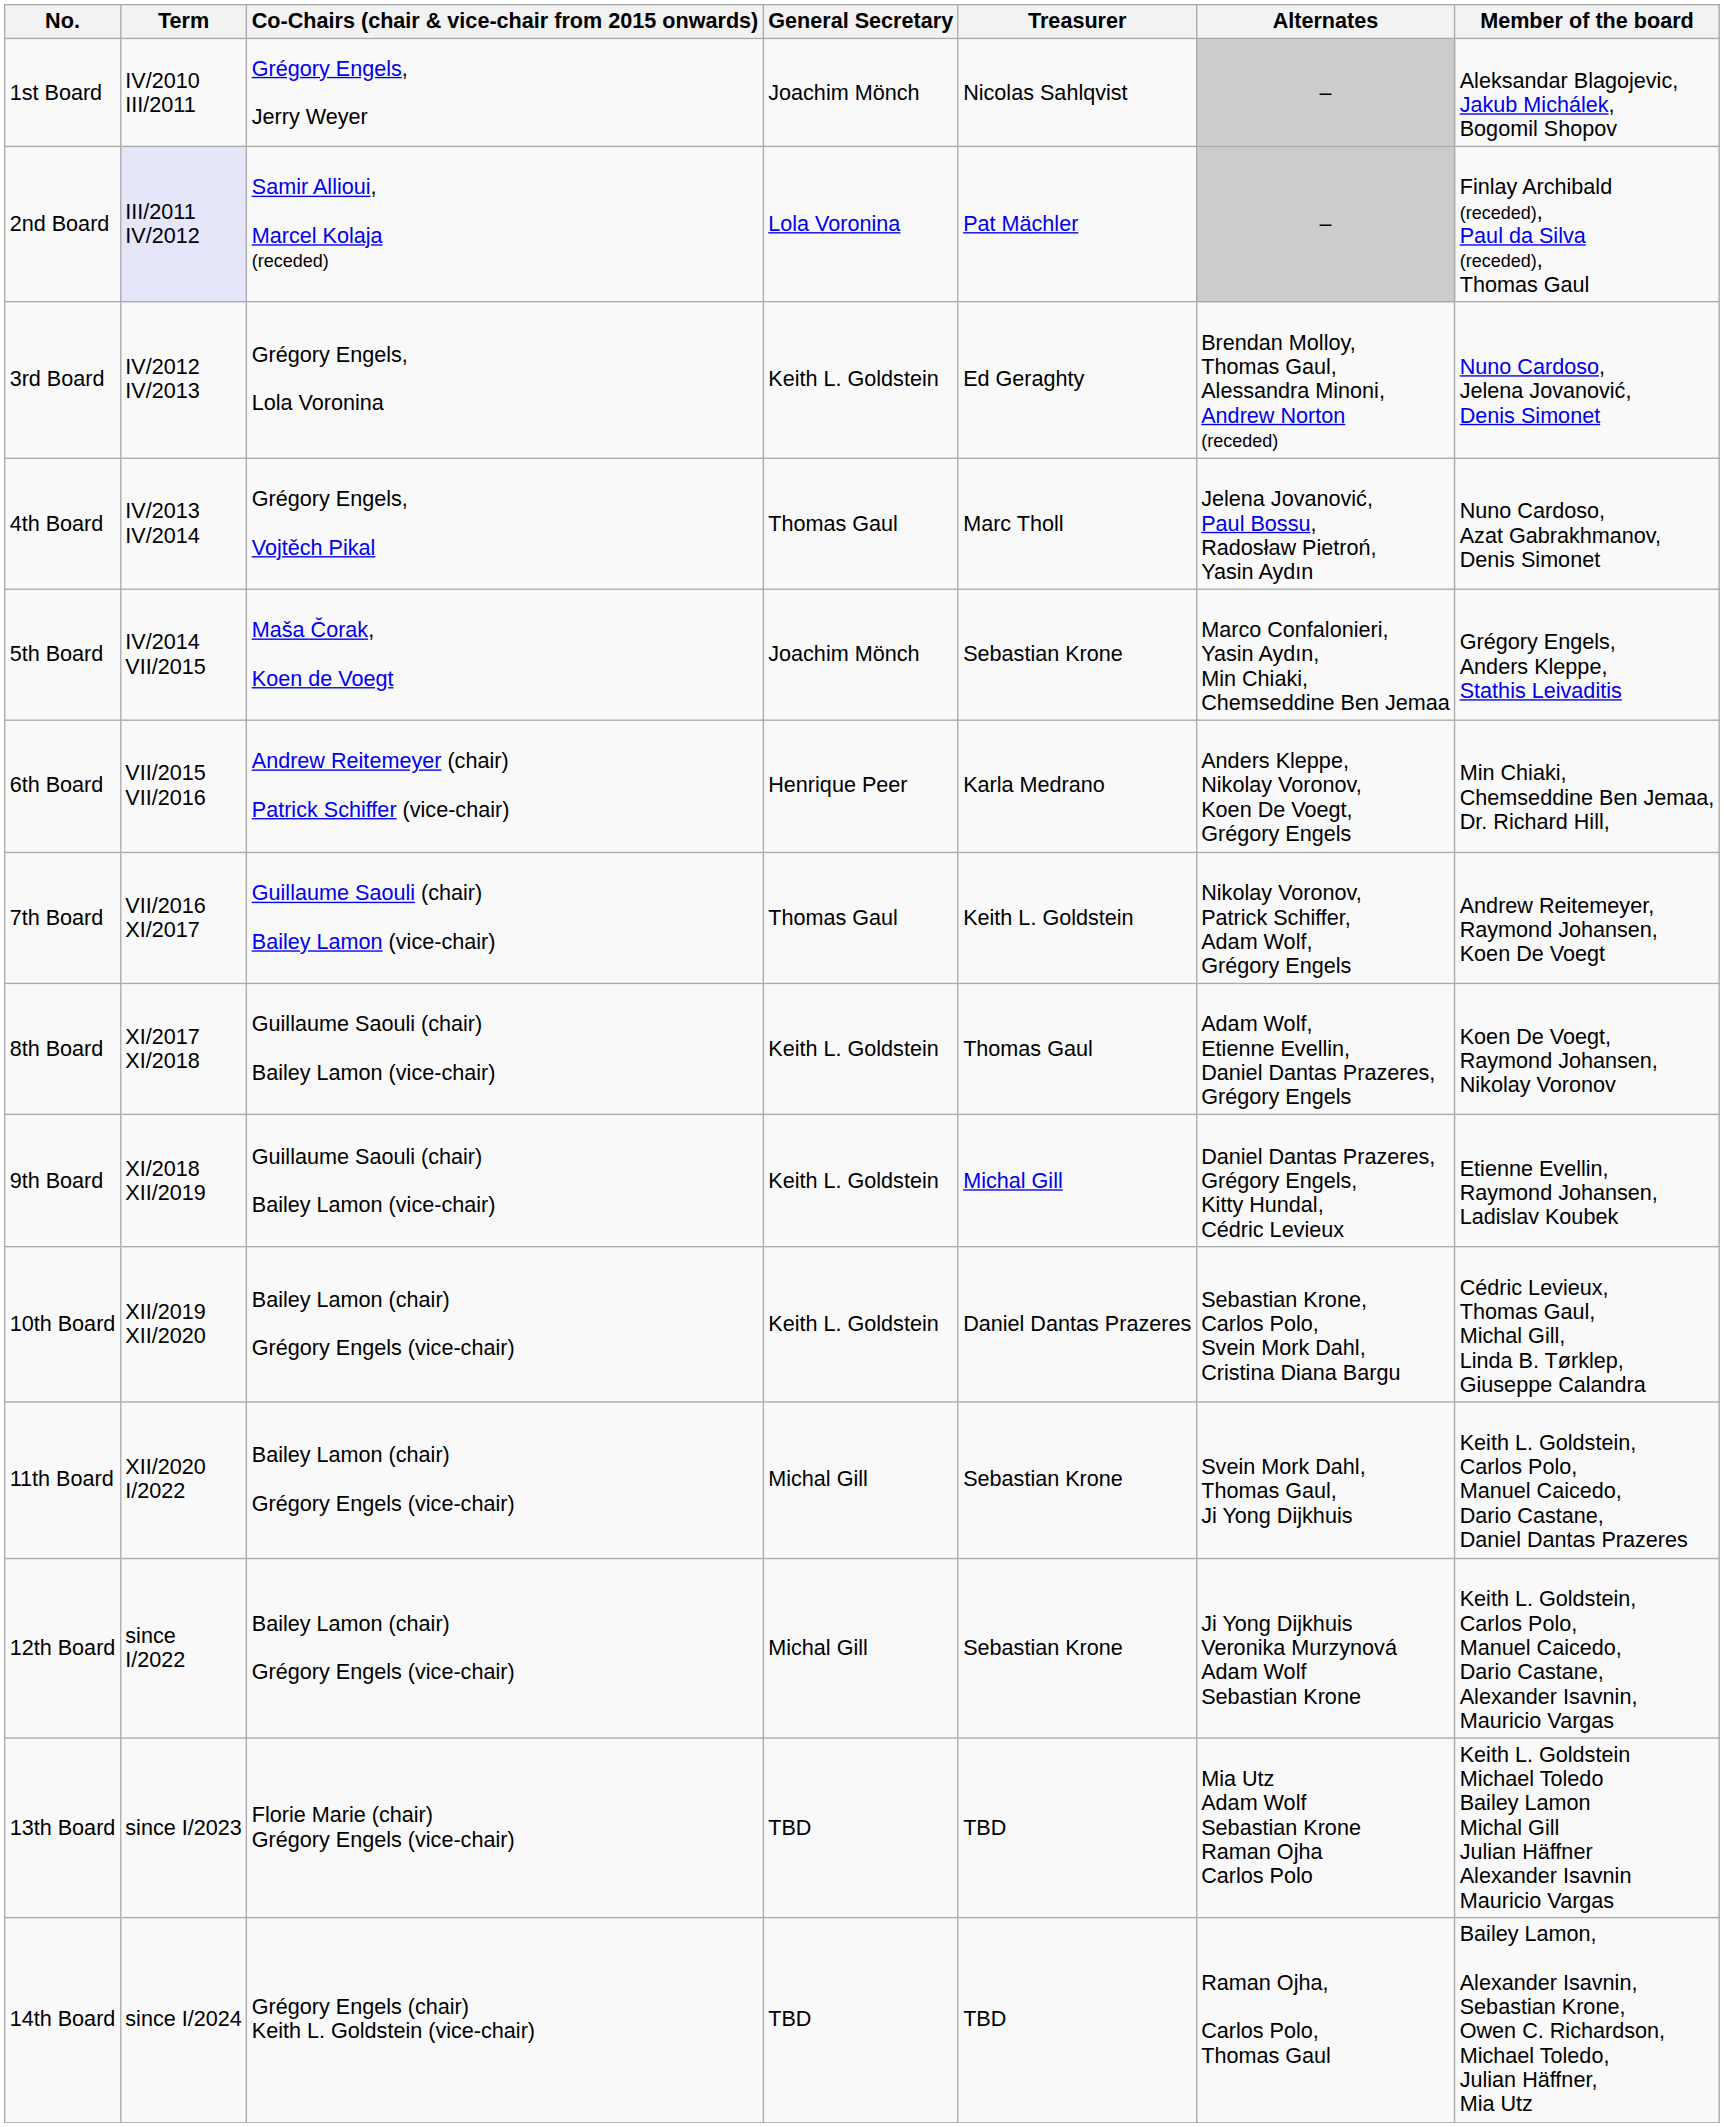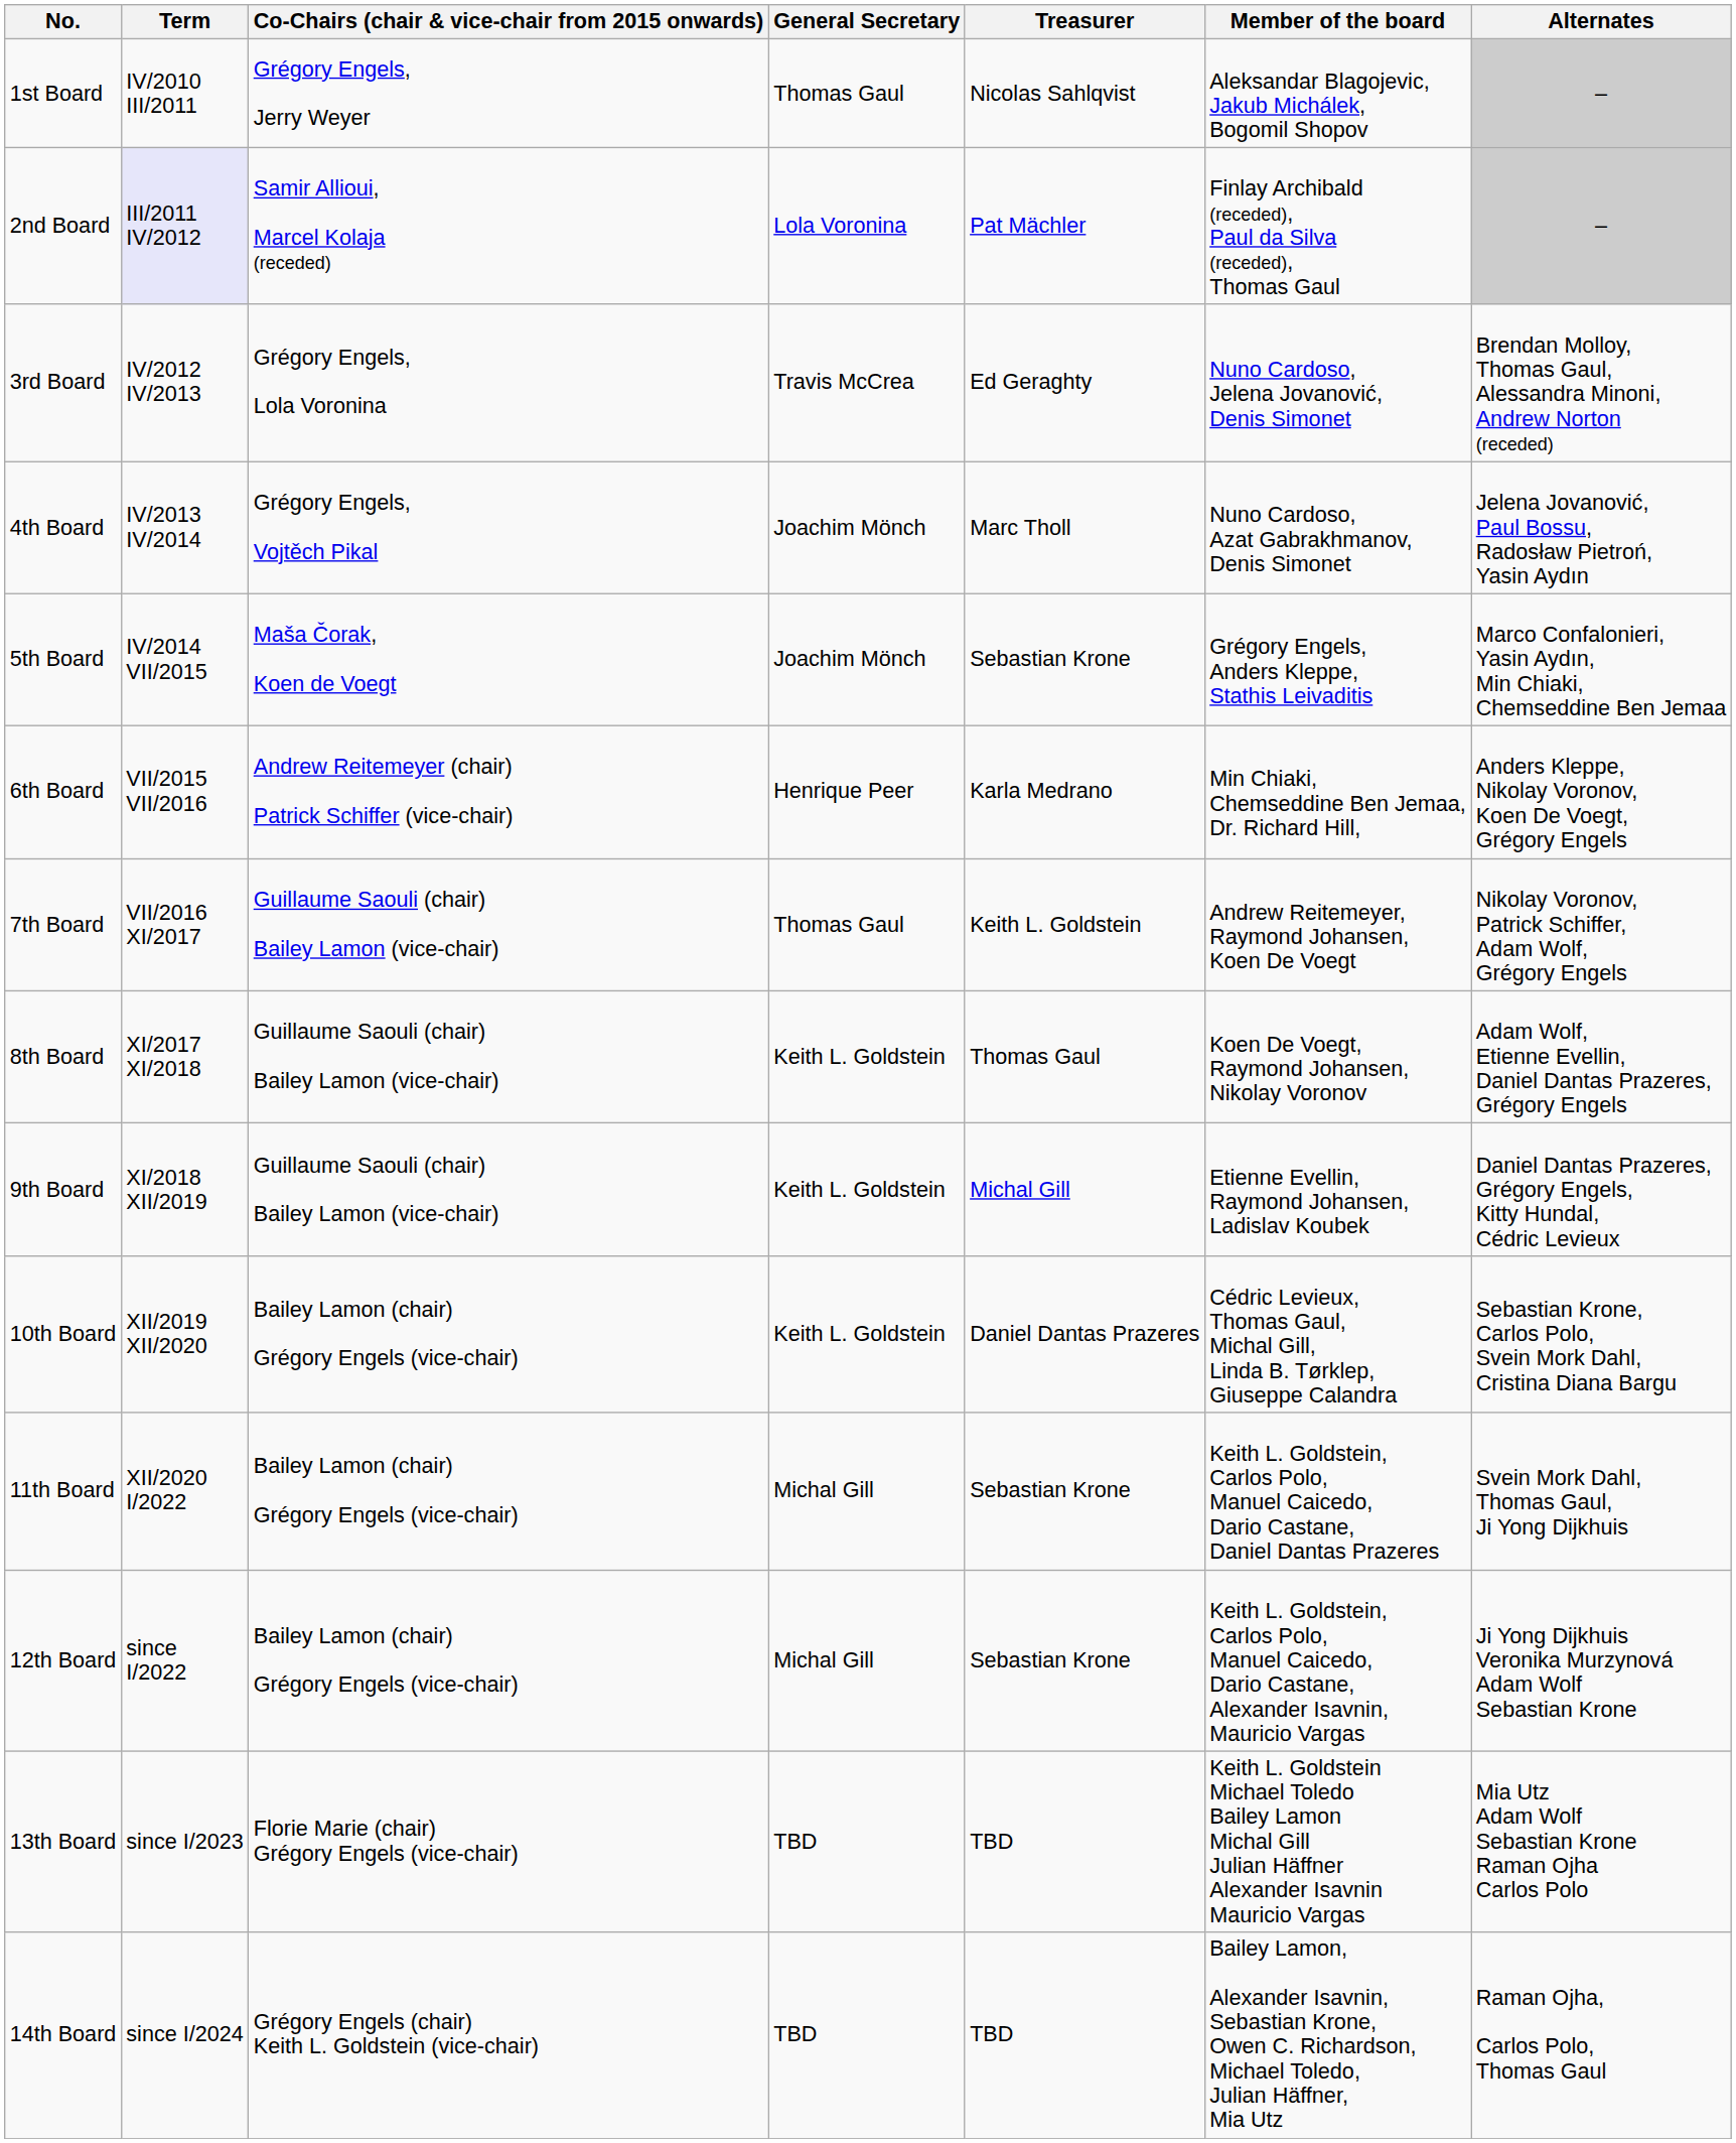 <table class="wikitable">
 <tr>
 <th>No.</th>
 <th>Term</th>
 <th>Co-Chairs (chair & vice-chair from 2015 onwards)</th>
 <th>General Secretary</th>
 <th>Treasurer</th>
+<th>Member of the board</th>
 <th>Alternates</th>
-<th>Member of the board</th>
 </tr>
 <tr>
 <td>1st Board</td>
 <td>IV/2010<br>III/2011</td>
 <td> <a href='#'>Grégory Engels</a>,<br><br> Jerry Weyer</td>
-<td> Joachim Mönch</td>
+<td> Thomas Gaul</td>
 <td> Nicolas Sahlqvist</td>
+<td><br> Aleksandar Blagojevic,<br>  <a href='#'>Jakub Michálek</a>,<br>  Bogomil Shopov</td>
 <td align=center bgcolor=#ccc>–</td>
-<td><br> Aleksandar Blagojevic,<br>  <a href='#'>Jakub Michálek</a>,<br>  Bogomil Shopov</td>
 </tr>
 <tr>
 <td>2nd Board</td>
 <td style="background: lavender;">III/2011<br>IV/2012</td>
 <td> <a href='#'>Samir Allioui</a>,<br><br> <a href='#'>Marcel Kolaja</a><br><small>(receded)</small></td>
 <td> <a href='#'>Lola Voronina</a></td>
 <td> <a href='#'>Pat Mächler</a></td>
+<td><br> Finlay Archibald<br><small>(receded)</small>,<br>  <a href='#'>Paul da Silva</a><br><small>(receded)</small>,<br>  Thomas Gaul</td>
 <td align=center bgcolor=#ccc>–</td>
-<td><br> Finlay Archibald<br><small>(receded)</small>,<br>  <a href='#'>Paul da Silva</a><br><small>(receded)</small>,<br>  Thomas Gaul</td>
 </tr>
 <tr>
 <td>3rd Board</td>
 <td>IV/2012<br>IV/2013</td>
 <td> Grégory Engels,<br><br> Lola Voronina</td>
-<td> Keith L. Goldstein</td>
+<td> Travis McCrea</td>
 <td> Ed Geraghty</td>
+<td><br> <a href='#'>Nuno Cardoso</a>,<br>  Jelena Jovanović,<br>  <a href='#'>Denis Simonet</a></td>
 <td><br> Brendan Molloy,<br>  Thomas Gaul,<br>  Alessandra Minoni,<br>  <a href='#'>Andrew Norton</a><br><small>(receded)</small></td>
-<td><br> <a href='#'>Nuno Cardoso</a>,<br>  Jelena Jovanović,<br>  <a href='#'>Denis Simonet</a></td>
 </tr>
 <tr>
 <td>4th Board</td>
 <td>IV/2013<br>IV/2014</td>
 <td> Grégory Engels,<br><br> <a href='#'>Vojtěch Pikal</a></td>
-<td> Thomas Gaul</td>
+<td> Joachim Mönch</td>
 <td> Marc Tholl</td>
+<td><br> Nuno Cardoso,<br>  Azat Gabrakhmanov,<br>  Denis Simonet</td>
 <td><br> Jelena Jovanović,<br>  <a href='#'>Paul Bossu</a>,<br>  Radosław Pietroń,<br>  Yasin Aydın</td>
-<td><br> Nuno Cardoso,<br>  Azat Gabrakhmanov,<br>  Denis Simonet</td>
 </tr>
 <tr>
 <td>5th Board</td>
 <td>IV/2014<br>VII/2015</td>
 <td> <a href='#'>Maša Čorak</a>,<br><br> <a href='#'>Koen de Voegt</a></td>
 <td> Joachim Mönch</td>
 <td> Sebastian Krone</td>
+<td><br> Grégory Engels,<br>  Anders Kleppe,<br>  <a href='#'>Stathis Leivaditis</a></td>
 <td><br> Marco Confalonieri,<br>  Yasin Aydın,<br>  Min Chiaki,<br>  Chemseddine Ben Jemaa</td>
-<td><br> Grégory Engels,<br>  Anders Kleppe,<br>  <a href='#'>Stathis Leivaditis</a></td>
 </tr>
 <tr>
 <td>6th Board</td>
 <td>VII/2015<br>VII/2016</td>
 <td> <a href='#'>Andrew Reitemeyer</a> (chair)<br><br> <a href='#'>Patrick Schiffer</a> (vice-chair)</td>
 <td> Henrique Peer</td>
 <td> Karla Medrano</td>
+<td><br> Min Chiaki,<br>  Chemseddine Ben Jemaa,<br>  Dr. Richard Hill,<br></td>
 <td><br> Anders Kleppe,<br>  Nikolay Voronov,<br>  Koen De Voegt,<br>  Grégory Engels</td>
-<td><br> Min Chiaki,<br>  Chemseddine Ben Jemaa,<br>  Dr. Richard Hill,<br></td>
 </tr>
 <tr>
 <td>7th Board</td>
 <td>VII/2016<br>XI/2017</td>
 <td> <a href='#'>Guillaume Saouli</a> (chair)<br><br> <a href='#'>Bailey Lamon</a> (vice-chair)</td>
 <td> Thomas Gaul</td>
 <td> Keith L. Goldstein</td>
+<td><br> Andrew Reitemeyer,<br>  Raymond Johansen,<br>  Koen De Voegt</td>
 <td><br> Nikolay Voronov,<br>  Patrick Schiffer,<br>  Adam Wolf,<br>  Grégory Engels</td>
-<td><br> Andrew Reitemeyer,<br>  Raymond Johansen,<br>  Koen De Voegt</td>
 </tr>
 <tr>
 <td>8th Board</td>
 <td>XI/2017<br>XI/2018</td>
 <td> Guillaume Saouli (chair)<br><br> Bailey Lamon (vice-chair)</td>
 <td> Keith L. Goldstein</td>
 <td> Thomas Gaul</td>
+<td><br> Koen De Voegt,<br>  Raymond Johansen,<br>  Nikolay Voronov</td>
 <td><br> Adam Wolf,<br>  Etienne Evellin,<br>  Daniel Dantas Prazeres,<br>  Grégory Engels</td>
-<td><br> Koen De Voegt,<br>  Raymond Johansen,<br>  Nikolay Voronov</td>
 </tr>
 <tr>
 <td>9th Board</td>
 <td>XI/2018<br>XII/2019</td>
 <td> Guillaume Saouli (chair)<br><br> Bailey Lamon (vice-chair)</td>
 <td> Keith L. Goldstein</td>
 <td> <a href='#'>Michal Gill</a></td>
+<td><br> Etienne Evellin,<br>  Raymond Johansen,<br>  Ladislav Koubek</td>
 <td><br> Daniel Dantas Prazeres,<br>  Grégory Engels,<br>  Kitty Hundal,<br>  Cédric Levieux</td>
-<td><br> Etienne Evellin,<br>  Raymond Johansen,<br>  Ladislav Koubek</td>
 </tr>
 <tr>
 <td>10th Board</td>
 <td>XII/2019<br>XII/2020</td>
 <td> Bailey Lamon (chair)<br><br> Grégory Engels (vice-chair)</td>
 <td> Keith L. Goldstein</td>
 <td> Daniel Dantas Prazeres</td>
+<td><br> Cédric Levieux,<br>  Thomas Gaul,<br>  Michal Gill,<br>  Linda B. Tørklep,<br>  Giuseppe Calandra</td>
 <td><br> Sebastian Krone,<br>  Carlos Polo,<br>  Svein Mork Dahl,<br>  Cristina Diana Bargu</td>
-<td><br> Cédric Levieux,<br>  Thomas Gaul,<br>  Michal Gill,<br>  Linda B. Tørklep,<br>  Giuseppe Calandra</td>
 </tr>
 <tr>
 <td>11th Board</td>
 <td>XII/2020<br>I/2022</td>
 <td> Bailey Lamon (chair)<br><br> Grégory Engels (vice-chair)</td>
 <td> Michal Gill</td>
 <td> Sebastian Krone</td>
+<td><br> Keith L. Goldstein,<br>  Carlos Polo,<br>  Manuel Caicedo,<br>  Dario Castane,<br>  Daniel Dantas Prazeres</td>
 <td><br> Svein Mork Dahl,<br>  Thomas Gaul,<br>  Ji Yong Dijkhuis<br></td>
-<td><br> Keith L. Goldstein,<br>  Carlos Polo,<br>  Manuel Caicedo,<br>  Dario Castane,<br>  Daniel Dantas Prazeres</td>
 </tr>
 <tr>
 <td>12th Board</td>
 <td>since<br>I/2022</td>
 <td> Bailey Lamon (chair)<br><br> Grégory Engels (vice-chair)</td>
 <td> Michal Gill</td>
 <td> Sebastian Krone</td>
+<td><br> Keith L. Goldstein,<br>  Carlos Polo,<br>  Manuel Caicedo,<br>  Dario Castane,<br>  Alexander Isavnin,<br>  Mauricio Vargas</td>
 <td><br> Ji Yong Dijkhuis<br>  Veronika Murzynová<br>  Adam Wolf<br>  Sebastian Krone<br></td>
-<td><br> Keith L. Goldstein,<br>  Carlos Polo,<br>  Manuel Caicedo,<br>  Dario Castane,<br>  Alexander Isavnin,<br>  Mauricio Vargas</td>
 </tr>
 <tr>
 <td>13th Board</td>
 <td>since I/2023</td>
 <td> Florie Marie (chair)<br> Grégory Engels (vice-chair)</td>
 <td>TBD</td>
 <td>TBD</td>
+<td> Keith L. Goldstein<br> Michael Toledo<br> Bailey Lamon<br> Michal Gill<br> Julian Häffner<br> Alexander Isavnin<br> Mauricio Vargas</td>
 <td>  Mia Utz<br> Adam Wolf<br> Sebastian Krone<br> Raman Ojha<br> Carlos Polo</td>
-<td> Keith L. Goldstein<br> Michael Toledo<br> Bailey Lamon<br> Michal Gill<br> Julian Häffner<br> Alexander Isavnin<br> Mauricio Vargas</td>
 </tr>
 <tr>
 <td>14th Board</td>
 <td>since I/2024</td>
 <td> Grégory Engels (chair)<br> Keith L. Goldstein (vice-chair)</td>
 <td>TBD</td>
 <td>TBD</td>
+<td> Bailey Lamon,<br><br> Alexander Isavnin,<br>  Sebastian Krone,<br>  Owen C. Richardson,<br>  Michael Toledo, <br>  Julian Häffner, <br>   Mia Utz</td>
 <td> Raman Ojha, <br><br> Carlos Polo, <br>  Thomas Gaul</td>
-<td> Bailey Lamon,<br><br> Alexander Isavnin,<br>  Sebastian Krone,<br>  Owen C. Richardson,<br>  Michael Toledo, <br>  Julian Häffner, <br>   Mia Utz</td>
 </tr>
 </table>
